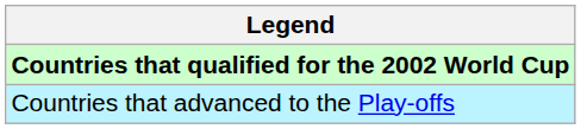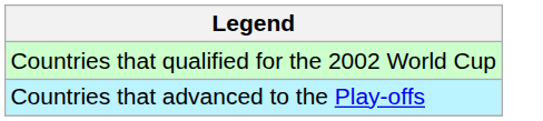 <table class="wikitable">
 <tr>
 <th>Legend</th>
 </tr>
 <tr bgcolor=#CCFFCC>
-<td><strong>Countries that qualified for the 2002 World Cup</strong></td>
+<td>Countries that qualified for the 2002 World Cup</td>
 </tr>
 <tr bgcolor=#BBF3FF>
 <td>Countries that advanced to the <a href='#'>Play-offs</a></td>
 </tr>
 </table>
